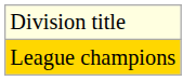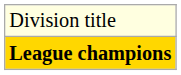 <table class="wikitable" style="text-align:left">
 <tr>
 <td bgcolor=lightyellow>Division title</td>
 </tr>
 <tr>
-<td bgcolor=gold>League champions</td>
+<td bgcolor=gold><strong>League champions</strong></td>
 </tr>
 </table>
